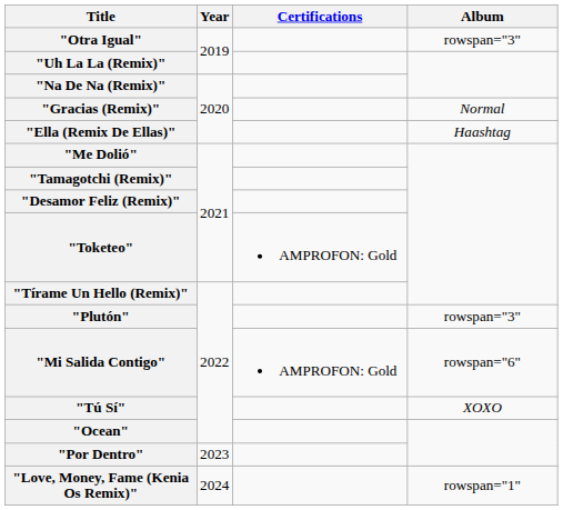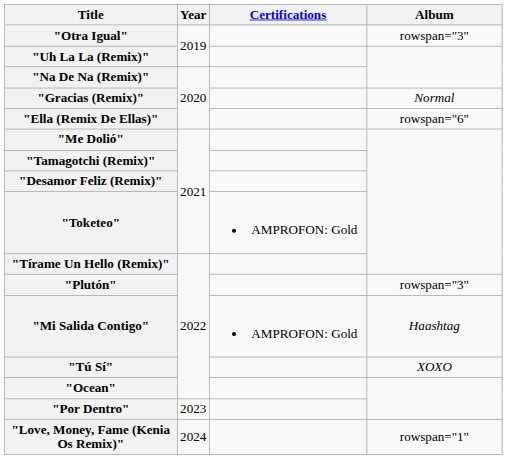 <table class="wikitable plainrowheaders" style="text-align:center;">
 <tr>
 <th scope="col" style="width:16em;">Title</th>
 <th scope="col" style="width:1em;">Year</th>
 <th scope="col" style="width:13em;"><a href='#'>Certifications</a></th>
 <th scope="col" style="width:12em;">Album</th>
 </tr>
 <tr>
 <th scope="row">"Otra Igual"<br></th>
 <td rowspan="2">2019</td>
 <td></td>
 <td>rowspan="3" </td>
 </tr>
 <tr>
 <th scope="row">"Uh La La (Remix)"<br></th>
 <td></td>
 </tr>
 <tr>
 <th scope="row">"Na De Na (Remix)"<br></th>
 <td rowspan="3">2020</td>
 <td></td>
 </tr>
 <tr>
 <th scope="row">"Gracias (Remix)"<br></th>
 <td></td>
 <td><em>Normal</em></td>
 </tr>
 <tr>
 <th scope="row">"Ella (Remix De Ellas)"<br></th>
 <td></td>
-<td><em>Haashtag</em></td>
+<td>rowspan="6" </td>
 </tr>
 <tr>
 <th scope="row">"Me Dolió"<br></th>
 <td rowspan="4">2021</td>
 <td></td>
 </tr>
 <tr>
 <th scope="row">"Tamagotchi (Remix)"<br></th>
 <td></td>
 </tr>
 <tr>
 <th scope="row">"Desamor Feliz (Remix)"<br></th>
 <td></td>
 </tr>
 <tr>
 <th scope="row">"Toketeo"<br></th>
 <td><br><ul><li>AMPROFON: Gold</li></ul></td>
 </tr>
 <tr>
 <th scope="row">"Tírame Un Hello (Remix)"<br></th>
 <td rowspan="5">2022</td>
 <td></td>
 </tr>
 <tr>
 <th scope="row">"Plutón"<br></th>
 <td></td>
 <td>rowspan="3" </td>
 </tr>
 <tr>
 <th scope="row">"Mi Salida Contigo"<br></th>
 <td><br><ul><li>AMPROFON: Gold</li></ul></td>
-<td>rowspan="6" </td>
+<td><em>Haashtag</em></td>
 </tr>
 <tr>
 <th scope="row">"Tú Sí"<br></th>
 <td></td>
 <td><em>XOXO</em></td>
 </tr>
 <tr>
 <th scope="row">"Ocean"<br></th>
 <td></td>
 </tr>
 <tr>
 <th scope="row">"Por Dentro"<br></th>
 <td>2023</td>
 <td></td>
 </tr>
 <tr>
 <th scope="row">"Love, Money, Fame (Kenia Os Remix)"<br></th>
 <td>2024</td>
 <td></td>
 <td>rowspan="1" </td>
 </tr>
 </table>
